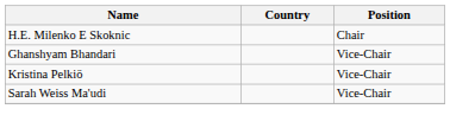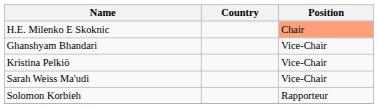 <table class="wikitable" style="display: inline-table; width: 45%">
 <tr>
 <th>Name</th>
 <th>Country</th>
 <th>Position</th>
 </tr>
 <tr>
 <td>H.E. Milenko E Skoknic</td>
 <td></td>
-<td>Chair</td>
+<td style="background: lightsalmon;">Chair</td>
 </tr>
 <tr>
 <td>Ghanshyam Bhandari</td>
 <td></td>
 <td>Vice-Chair</td>
 </tr>
 <tr>
 <td>Kristina Pelkiö</td>
 <td></td>
 <td>Vice-Chair</td>
 </tr>
 <tr>
 <td>Sarah Weiss Ma'udi</td>
 <td></td>
 <td>Vice-Chair</td>
 </tr>
 <tr>
+<td>Solomon Korbieh</td>
+<td></td>
+<td>Rapporteur</td>
+</tr>
+<tr>
 </tr>
 </table>
